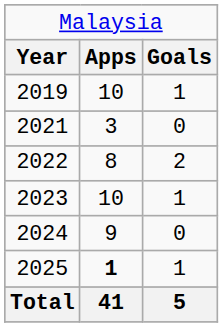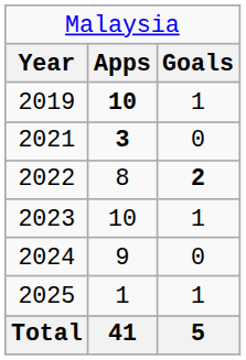 <table class="wikitable" style="text-align:center">
 <tr>
 <td colspan=4><a href='#'>Malaysia</a></td>
 </tr>
 <tr>
 <th>Year</th>
 <th>Apps</th>
 <th>Goals</th>
 </tr>
 <tr>
 <td>2019</td>
-<td>10</td>
+<td><strong>10</strong></td>
 <td>1</td>
 </tr>
 <tr>
 <td>2021</td>
-<td>3</td>
+<td><strong>3</strong></td>
 <td>0</td>
 </tr>
 <tr>
 <td>2022</td>
 <td>8</td>
-<td>2</td>
+<td><strong>2</strong></td>
 </tr>
 <tr>
 <td>2023</td>
 <td>10</td>
 <td>1</td>
 </tr>
 <tr>
 <td>2024</td>
 <td>9</td>
 <td>0</td>
 </tr>
 <tr>
 <td>2025</td>
-<td><strong>1</strong></td>
+<td>1</td>
 <td>1</td>
 </tr>
 <tr>
 <th>Total</th>
 <th>41</th>
 <th>5</th>
 </tr>
 </table>
